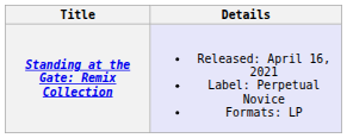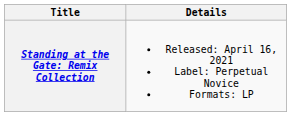 <table class="wikitable plainrowheaders" style="text-align:center">
 <tr>
 <th scope="col" style="width:12em;">Title</th>
 <th scope="col" style="width:16em;">Details</th>
 </tr>
 <tr>
 <th scope="row"><em><a href='#'>Standing at the Gate: Remix Collection</a></em></th>
-<td style="background: lavender;"><br><ul><li>Released: April 16, 2021</li><li>Label: Perpetual Novice</li><li>Formats: LP</li></ul></td>
+<td><br><ul><li>Released: April 16, 2021</li><li>Label: Perpetual Novice</li><li>Formats: LP</li></ul></td>
 </tr>
 </table>
